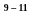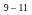 <table style="text-align:center">
 <tr>
 <th width=200></th>
 <th width=100></th>
 <th width=200></th>
 </tr>
 <tr>
 <td align=right></td>
-<td><strong>9 – 11</strong></td>
+<td>9 – 11</td>
 <td align=left><strong></strong></td>
 </tr>
 </table>
